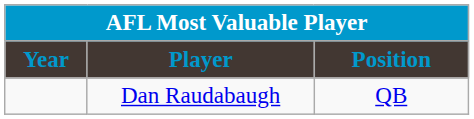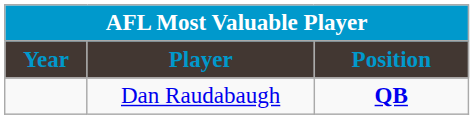 <table class="wikitable sortable" style="text-align:center">
 <tr>
 <td colspan="4" style="background:#09C; color:#fff;"><strong>AFL Most Valuable Player</strong></td>
 </tr>
 <tr>
 <th style="width:50px; background:#423732; color:#09C;">Year</th>
 <th style="width:150px; background:#423732; color:#09C;">Player</th>
 <th style="width:100px; background:#423732; color:#09C;">Position</th>
 </tr>
 <tr>
 <td></td>
 <td><a href='#'>Dan Raudabaugh</a></td>
-<td><a href='#'>QB</a></td>
+<td><strong><a href='#'>QB</a></strong></td>
 </tr>
 </table>
